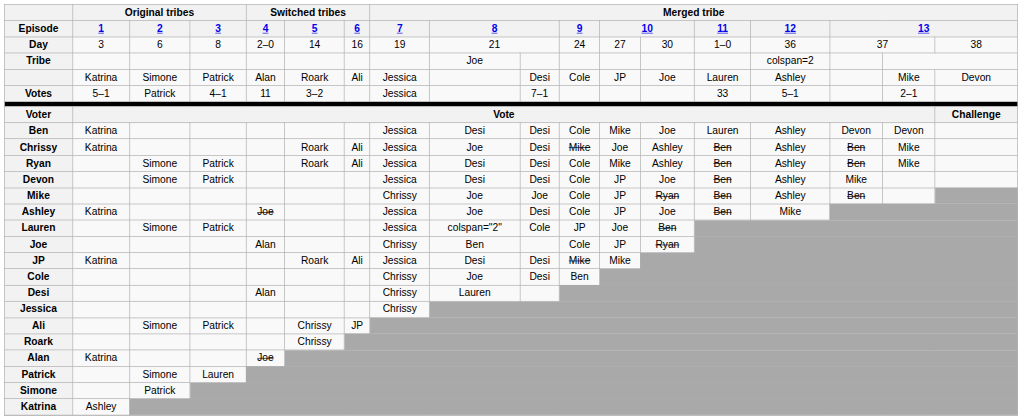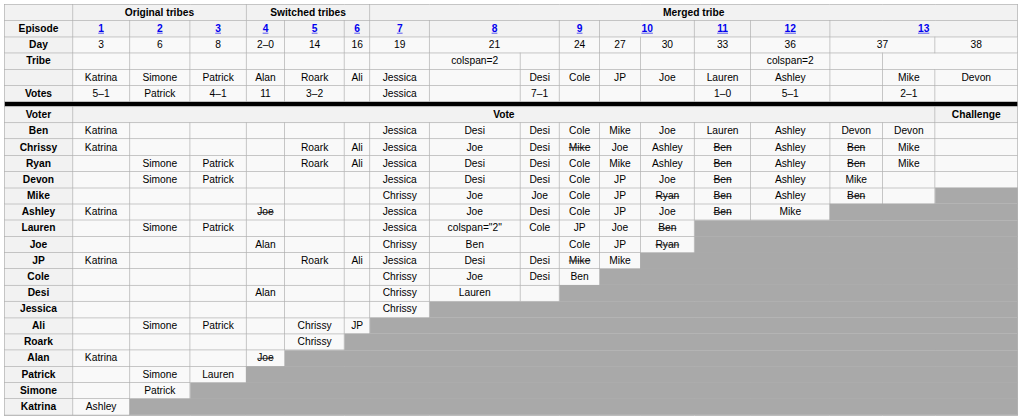 <table class="wikitable" width=100% style="text-align:center;">
 <tr>
 <th></th>
 <th colspan="3">Original tribes</th>
 <th colspan="3">Switched tribes</th>
 <th colspan="11">Merged tribe</th>
 </tr>
 <tr>
 <th>Episode</th>
 <th><a href='#'>1</a></th>
 <th><a href='#'>2</a></th>
 <th><a href='#'>3</a></th>
 <th><a href='#'>4</a></th>
 <th><a href='#'>5</a></th>
 <th><a href='#'>6</a></th>
 <th><a href='#'>7</a></th>
 <th colspan="2"><a href='#'>8</a></th>
 <th><a href='#'>9</a></th>
 <th colspan="2"><a href='#'>10</a></th>
 <th><a href='#'>11</a></th>
 <th><a href='#'>12</a></th>
 <th colspan=3><a href='#'>13</a></th>
 </tr>
 <tr>
 <th>Day</th>
 <td>3</td>
 <td>6</td>
 <td>8</td>
 <td>2–0</td>
 <td>14</td>
 <td>16</td>
 <td>19</td>
 <td colspan="2">21</td>
 <td>24</td>
 <td>27</td>
 <td>30</td>
-<td>1–0</td>
+<td>33</td>
 <td>36</td>
 <td colspan=2>37</td>
 <td>38</td>
 </tr>
 <tr>
 <th>Tribe</th>
 <td></td>
 <td></td>
 <td></td>
 <td></td>
 <td></td>
 <td></td>
 <td></td>
-<td>Joe</td>
+<td>colspan=2 </td>
 <td></td>
 <td></td>
 <td></td>
 <td></td>
 <td></td>
 <td>colspan=2 </td>
 <td></td>
 </tr>
 <tr>
 <th></th>
 <td>Katrina</td>
 <td>Simone</td>
 <td>Patrick</td>
 <td>Alan</td>
 <td>Roark</td>
 <td>Ali</td>
 <td>Jessica</td>
 <td></td>
 <td>Desi</td>
 <td>Cole</td>
 <td>JP</td>
 <td>Joe</td>
 <td>Lauren</td>
 <td>Ashley</td>
 <td></td>
 <td>Mike</td>
 <td>Devon</td>
 </tr>
 <tr>
 <th>Votes</th>
 <td>5–1</td>
 <td>Patrick</td>
 <td>4–1</td>
 <td>11</td>
 <td>3–2</td>
 <td></td>
 <td>Jessica</td>
 <td></td>
 <td>7–1</td>
 <td></td>
 <td></td>
 <td></td>
-<td>33</td>
+<td>1–0</td>
 <td>5–1</td>
 <td></td>
 <td>2–1</td>
 <td></td>
 </tr>
 <tr>
 <th colspan="20" style="background:black;"></th>
 </tr>
 <tr>
 <th>Voter</th>
 <th colspan="16">Vote</th>
 <th>Challenge</th>
 </tr>
 <tr>
 <th>Ben</th>
 <td>Katrina</td>
 <td></td>
 <td></td>
 <td></td>
 <td></td>
 <td></td>
 <td>Jessica</td>
 <td>Desi</td>
 <td>Desi</td>
 <td>Cole</td>
 <td>Mike</td>
 <td>Joe</td>
 <td>Lauren</td>
 <td>Ashley</td>
 <td>Devon</td>
 <td>Devon</td>
 <td></td>
 </tr>
 <tr>
 <th>Chrissy</th>
 <td>Katrina</td>
 <td></td>
 <td></td>
 <td></td>
 <td>Roark</td>
 <td>Ali</td>
 <td>Jessica</td>
 <td>Joe</td>
 <td>Desi</td>
 <td><s>Mike</s></td>
 <td>Joe</td>
 <td>Ashley</td>
 <td><s>Ben</s></td>
 <td>Ashley</td>
 <td><s>Ben</s></td>
 <td>Mike</td>
 <td></td>
 </tr>
 <tr>
 <th>Ryan</th>
 <td></td>
 <td>Simone</td>
 <td>Patrick</td>
 <td></td>
 <td>Roark</td>
 <td>Ali</td>
 <td>Jessica</td>
 <td>Desi</td>
 <td>Desi</td>
 <td>Cole</td>
 <td>Mike</td>
 <td>Ashley</td>
 <td><s>Ben</s></td>
 <td>Ashley</td>
 <td><s>Ben</s></td>
 <td>Mike</td>
 <td></td>
 </tr>
 <tr>
 <th>Devon</th>
 <td></td>
 <td>Simone</td>
 <td>Patrick</td>
 <td></td>
 <td></td>
 <td></td>
 <td>Jessica</td>
 <td>Desi</td>
 <td>Desi</td>
 <td>Cole</td>
 <td>JP</td>
 <td>Joe</td>
 <td><s>Ben</s></td>
 <td>Ashley</td>
 <td>Mike</td>
 <td></td>
 <td></td>
 </tr>
 <tr>
 <th>Mike</th>
 <td></td>
 <td></td>
 <td></td>
 <td></td>
 <td></td>
 <td></td>
 <td>Chrissy</td>
 <td>Joe</td>
 <td>Joe</td>
 <td>Cole</td>
 <td>JP</td>
 <td><s>Ryan</s></td>
 <td><s>Ben</s></td>
 <td>Ashley</td>
 <td><s>Ben</s></td>
 <td></td>
 <td colspan="6" style="background:darkgrey;"></td>
 </tr>
 <tr>
 <th>Ashley</th>
 <td>Katrina</td>
 <td></td>
 <td></td>
 <td><s>Joe</s></td>
 <td></td>
 <td></td>
 <td>Jessica</td>
 <td>Joe</td>
 <td>Desi</td>
 <td>Cole</td>
 <td>JP</td>
 <td>Joe</td>
 <td><s>Ben</s></td>
 <td>Mike</td>
 <td colspan="6" style="background:darkgrey;"></td>
 </tr>
 <tr>
 <th>Lauren</th>
 <td></td>
 <td>Simone</td>
 <td>Patrick</td>
 <td></td>
 <td></td>
 <td></td>
 <td>Jessica</td>
 <td>colspan="2" </td>
 <td>Cole</td>
 <td>JP</td>
 <td>Joe</td>
 <td><s>Ben</s></td>
 <td colspan="7" style="background:darkgrey;"></td>
 </tr>
 <tr>
 <th>Joe</th>
 <td></td>
 <td></td>
 <td></td>
 <td>Alan</td>
 <td></td>
 <td></td>
 <td>Chrissy</td>
 <td>Ben</td>
 <td></td>
 <td>Cole</td>
 <td>JP</td>
 <td><s>Ryan</s></td>
 <td colspan="8" style="background:darkgrey;"></td>
 </tr>
 <tr>
 <th>JP</th>
 <td>Katrina</td>
 <td></td>
 <td></td>
 <td></td>
 <td>Roark</td>
 <td>Ali</td>
 <td>Jessica</td>
 <td>Desi</td>
 <td>Desi</td>
 <td><s>Mike</s></td>
 <td>Mike</td>
 <td colspan="9" style="background:darkgrey;"></td>
 </tr>
 <tr>
 <th>Cole</th>
 <td></td>
 <td></td>
 <td></td>
 <td></td>
 <td></td>
 <td></td>
 <td>Chrissy</td>
 <td>Joe</td>
 <td>Desi</td>
 <td>Ben</td>
 <td colspan="10" style="background:darkgrey;"></td>
 </tr>
 <tr>
 <th>Desi</th>
 <td></td>
 <td></td>
 <td></td>
 <td>Alan</td>
 <td></td>
 <td></td>
 <td>Chrissy</td>
 <td>Lauren</td>
 <td></td>
 <td colspan="11" style="background:darkgrey;"></td>
 </tr>
 <tr>
 <th>Jessica</th>
 <td></td>
 <td></td>
 <td></td>
 <td></td>
 <td></td>
 <td></td>
 <td>Chrissy</td>
 <td colspan="12" style="background:darkgrey;"></td>
 </tr>
 <tr>
 <th>Ali</th>
 <td></td>
 <td>Simone</td>
 <td>Patrick</td>
 <td></td>
 <td>Chrissy</td>
 <td>JP</td>
 <td colspan="13" style="background:darkgrey;"></td>
 </tr>
 <tr>
 <th>Roark</th>
 <td></td>
 <td></td>
 <td></td>
 <td></td>
 <td>Chrissy</td>
 <td colspan="14" style="background:darkgrey;"></td>
 </tr>
 <tr>
 <th>Alan</th>
 <td>Katrina</td>
 <td></td>
 <td></td>
 <td><s>Joe</s></td>
 <td colspan="15" style="background:darkgrey;"></td>
 </tr>
 <tr>
 <th>Patrick</th>
 <td></td>
 <td>Simone</td>
 <td>Lauren</td>
 <td colspan="16" style="background:darkgrey;"></td>
 </tr>
 <tr>
 <th>Simone</th>
 <td></td>
 <td>Patrick</td>
 <td colspan="17" style="background:darkgrey;"></td>
 </tr>
 <tr>
 <th>Katrina</th>
 <td>Ashley</td>
 <td colspan="18" style="background:darkgrey;"></td>
 </tr>
 <tr>
 </tr>
 </table>
